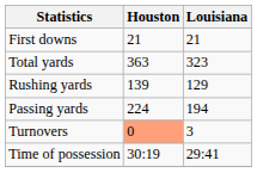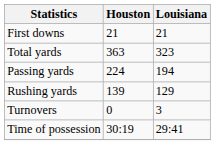 <table class="wikitable">
 <tr>
 <th>Statistics</th>
 <th>Houston</th>
 <th>Louisiana</th>
 </tr>
 <tr>
 <td>First downs</td>
 <td>21</td>
 <td>21</td>
 </tr>
 <tr>
 <td>Total yards</td>
 <td>363</td>
 <td>323</td>
 </tr>
 <tr>
+<td>Passing yards</td>
+<td>224</td>
+<td>194</td>
+</tr>
+<tr>
 <td>Rushing yards</td>
 <td>139</td>
 <td>129</td>
 </tr>
 <tr>
-<td>Passing yards</td>
-<td>224</td>
-<td>194</td>
-</tr>
-<tr>
 <td>Turnovers</td>
-<td style="background: lightsalmon;">0</td>
+<td>0</td>
 <td>3</td>
 </tr>
 <tr>
 <td>Time of possession</td>
 <td>30:19</td>
 <td>29:41</td>
 </tr>
 <tr>
 </tr>
 </table>
